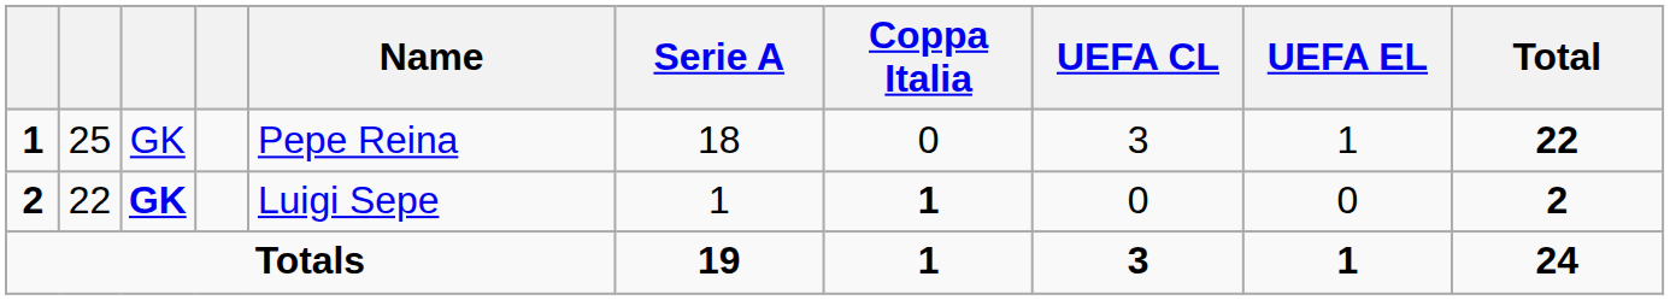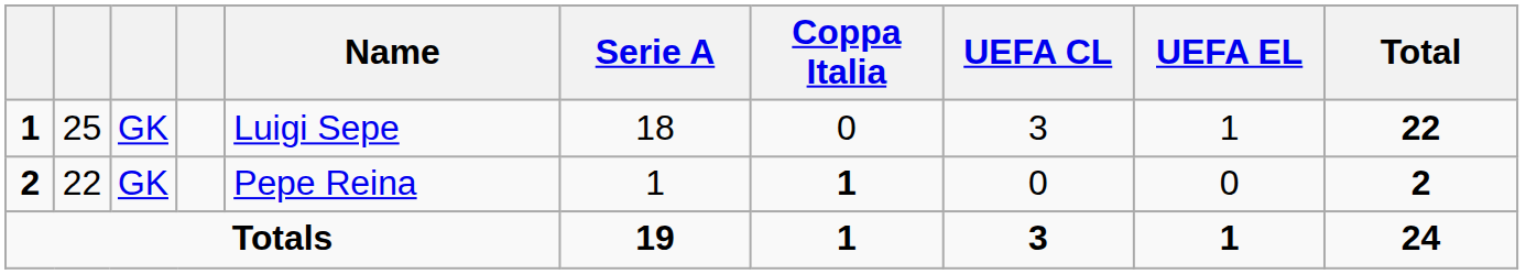 <table class="wikitable" style="text-align:center">
 <tr>
 <th width=15></th>
 <th width=15></th>
 <th width=15></th>
 <th width=15></th>
 <th width=145>Name</th>
 <th width=80><a href='#'>Serie A</a></th>
 <th width=80><a href='#'>Coppa Italia</a></th>
 <th width=80><a href='#'>UEFA CL</a></th>
 <th width=80><a href='#'>UEFA EL</a></th>
 <th width=80>Total</th>
 </tr>
 <tr>
 <td><strong>1</strong></td>
 <td>25</td>
 <td><a href='#'>GK</a></td>
 <td></td>
-<td align=left><a href='#'>Pepe Reina</a></td>
+<td align=left><a href='#'>Luigi Sepe</a></td>
 <td>18</td>
 <td>0</td>
 <td>3</td>
 <td>1</td>
 <td><strong>22</strong></td>
 </tr>
 <tr>
 <td><strong>2</strong></td>
 <td>22</td>
-<td><strong><a href='#'>GK</a></strong></td>
+<td><a href='#'>GK</a></td>
 <td></td>
-<td align=left><a href='#'>Luigi Sepe</a></td>
+<td align=left><a href='#'>Pepe Reina</a></td>
 <td>1</td>
 <td><strong>1</strong></td>
 <td>0</td>
 <td>0</td>
 <td><strong>2</strong></td>
 </tr>
 <tr>
 <td colspan=5><strong>Totals</strong></td>
 <td><strong>19</strong></td>
 <td><strong>1</strong></td>
 <td><strong>3</strong></td>
 <td><strong>1</strong></td>
 <td><strong>24</strong></td>
 </tr>
 </table>
